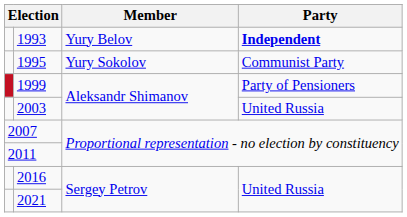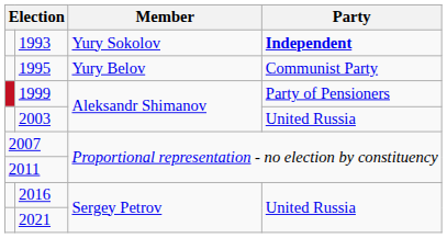 <table class="wikitable">
 <tr>
 <th colspan="2">Election</th>
 <th>Member</th>
 <th>Party</th>
 </tr>
 <tr>
 <td style="background-color: "></td>
 <td><a href='#'>1993</a></td>
-<td><a href='#'>Yury Belov</a></td>
+<td><a href='#'>Yury Sokolov</a></td>
 <td><strong><a href='#'>Independent</a></strong></td>
 </tr>
 <tr>
 <td style="background-color: "></td>
 <td><a href='#'>1995</a></td>
-<td><a href='#'>Yury Sokolov</a></td>
+<td><a href='#'>Yury Belov</a></td>
 <td><a href='#'>Communist Party</a></td>
 </tr>
 <tr>
 <td style="background-color:#C21022"></td>
 <td><a href='#'>1999</a></td>
 <td rowspan=2><a href='#'>Aleksandr Shimanov</a></td>
 <td><a href='#'>Party of Pensioners</a></td>
 </tr>
 <tr>
 <td style="background-color: "></td>
 <td><a href='#'>2003</a></td>
 <td><a href='#'>United Russia</a></td>
 </tr>
 <tr>
 <td colspan=2><a href='#'>2007</a></td>
 <td colspan=2 rowspan=2><em><a href='#'>Proportional representation</a> - no election by constituency</em></td>
 </tr>
 <tr>
 <td colspan=2><a href='#'>2011</a></td>
 </tr>
 <tr>
 <td style="background-color: "></td>
 <td><a href='#'>2016</a></td>
 <td rowspan=2><a href='#'>Sergey Petrov</a></td>
 <td rowspan=2><a href='#'>United Russia</a></td>
 </tr>
 <tr>
 <td style="background-color: "></td>
 <td><a href='#'>2021</a></td>
 </tr>
 </table>
